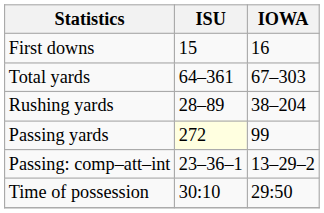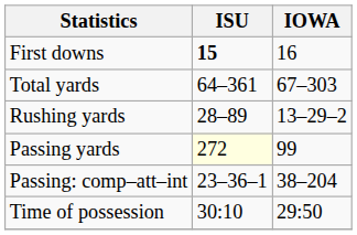 <table class="wikitable" style="float: left;">
 <tr>
 <th>Statistics</th>
 <th>ISU</th>
 <th>IOWA</th>
 </tr>
 <tr>
 <td>First downs</td>
-<td>15</td>
+<td><strong>15</strong></td>
 <td>16</td>
 </tr>
 <tr>
 <td>Total yards</td>
 <td>64–361</td>
 <td>67–303</td>
 </tr>
 <tr>
 <td>Rushing yards</td>
 <td>28–89</td>
-<td>38–204</td>
+<td>13–29–2</td>
 </tr>
 <tr>
 <td>Passing yards</td>
 <td style="background: lightyellow;">272</td>
 <td>99</td>
 </tr>
 <tr>
 <td>Passing: comp–att–int</td>
 <td>23–36–1</td>
-<td>13–29–2</td>
+<td>38–204</td>
 </tr>
 <tr>
 <td>Time of possession</td>
 <td>30:10</td>
 <td>29:50</td>
 </tr>
 <tr>
 </tr>
 </table>
